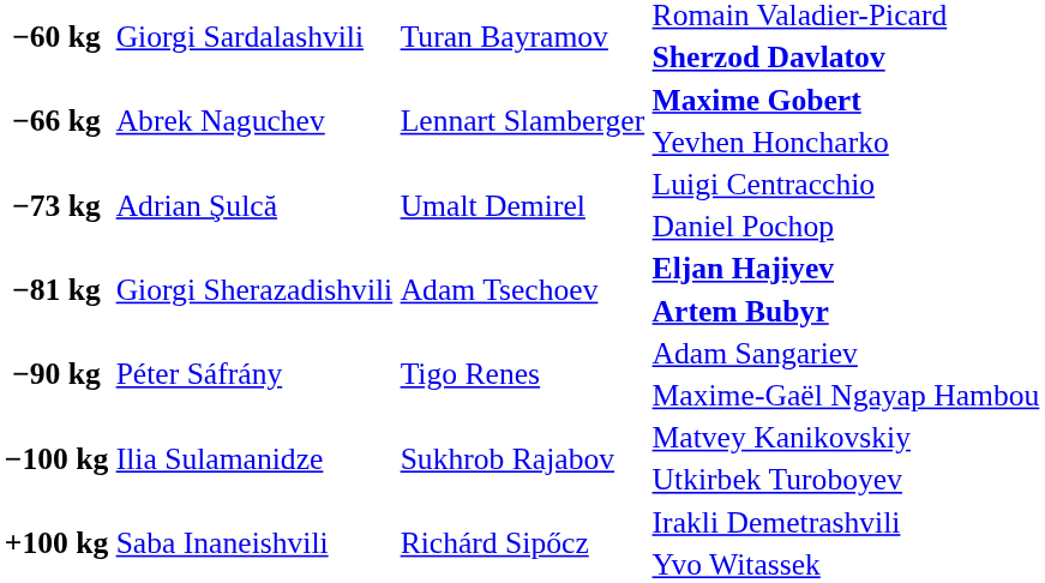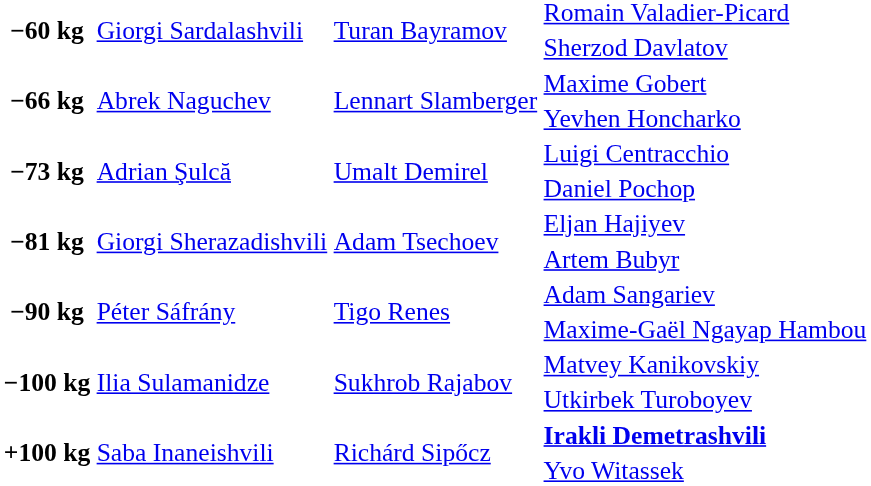 <table>
 <tr>
 <th rowspan=2>−60 kg</th>
 <td rowspan=2> <a href='#'>Giorgi Sardalashvili</a></td>
 <td rowspan=2> <a href='#'>Turan Bayramov</a></td>
 <td> <a href='#'>Romain Valadier-Picard</a></td>
 </tr>
 <tr>
-<td><strong> <a href='#'>Sherzod Davlatov</a></strong></td>
+<td> <a href='#'>Sherzod Davlatov</a></td>
 </tr>
 <tr>
 <th rowspan=2>−66 kg</th>
 <td rowspan=2> <a href='#'>Abrek Naguchev</a></td>
 <td rowspan=2> <a href='#'>Lennart Slamberger</a></td>
-<td><strong> <a href='#'>Maxime Gobert</a></strong></td>
+<td> <a href='#'>Maxime Gobert</a></td>
 </tr>
 <tr>
 <td> <a href='#'>Yevhen Honcharko</a></td>
 </tr>
 <tr>
 <th rowspan=2>−73 kg</th>
 <td rowspan=2> <a href='#'>Adrian Şulcă</a></td>
 <td rowspan=2> <a href='#'>Umalt Demirel</a></td>
 <td> <a href='#'>Luigi Centracchio</a></td>
 </tr>
 <tr>
 <td> <a href='#'>Daniel Pochop</a></td>
 </tr>
 <tr>
 <th rowspan=2>−81 kg</th>
 <td rowspan=2> <a href='#'>Giorgi Sherazadishvili</a></td>
 <td rowspan=2> <a href='#'>Adam Tsechoev</a></td>
-<td><strong> <a href='#'>Eljan Hajiyev</a></strong></td>
+<td> <a href='#'>Eljan Hajiyev</a></td>
 </tr>
 <tr>
-<td><strong> <a href='#'>Artem Bubyr</a></strong></td>
+<td> <a href='#'>Artem Bubyr</a></td>
 </tr>
 <tr>
 <th rowspan=2>−90 kg</th>
 <td rowspan=2> <a href='#'>Péter Sáfrány</a></td>
 <td rowspan=2> <a href='#'>Tigo Renes</a></td>
 <td> <a href='#'>Adam Sangariev</a></td>
 </tr>
 <tr>
 <td> <a href='#'>Maxime-Gaël Ngayap Hambou</a></td>
 </tr>
 <tr>
 <th rowspan=2>−100 kg</th>
 <td rowspan=2> <a href='#'>Ilia Sulamanidze</a></td>
 <td rowspan=2> <a href='#'>Sukhrob Rajabov</a></td>
 <td> <a href='#'>Matvey Kanikovskiy</a></td>
 </tr>
 <tr>
 <td> <a href='#'>Utkirbek Turoboyev</a></td>
 </tr>
 <tr>
 <th rowspan=2>+100 kg</th>
 <td rowspan=2> <a href='#'>Saba Inaneishvili</a></td>
 <td rowspan=2> <a href='#'>Richárd Sipőcz</a></td>
-<td> <a href='#'>Irakli Demetrashvili</a></td>
+<td><strong> <a href='#'>Irakli Demetrashvili</a></strong></td>
 </tr>
 <tr>
 <td> <a href='#'>Yvo Witassek</a></td>
 </tr>
 </table>
